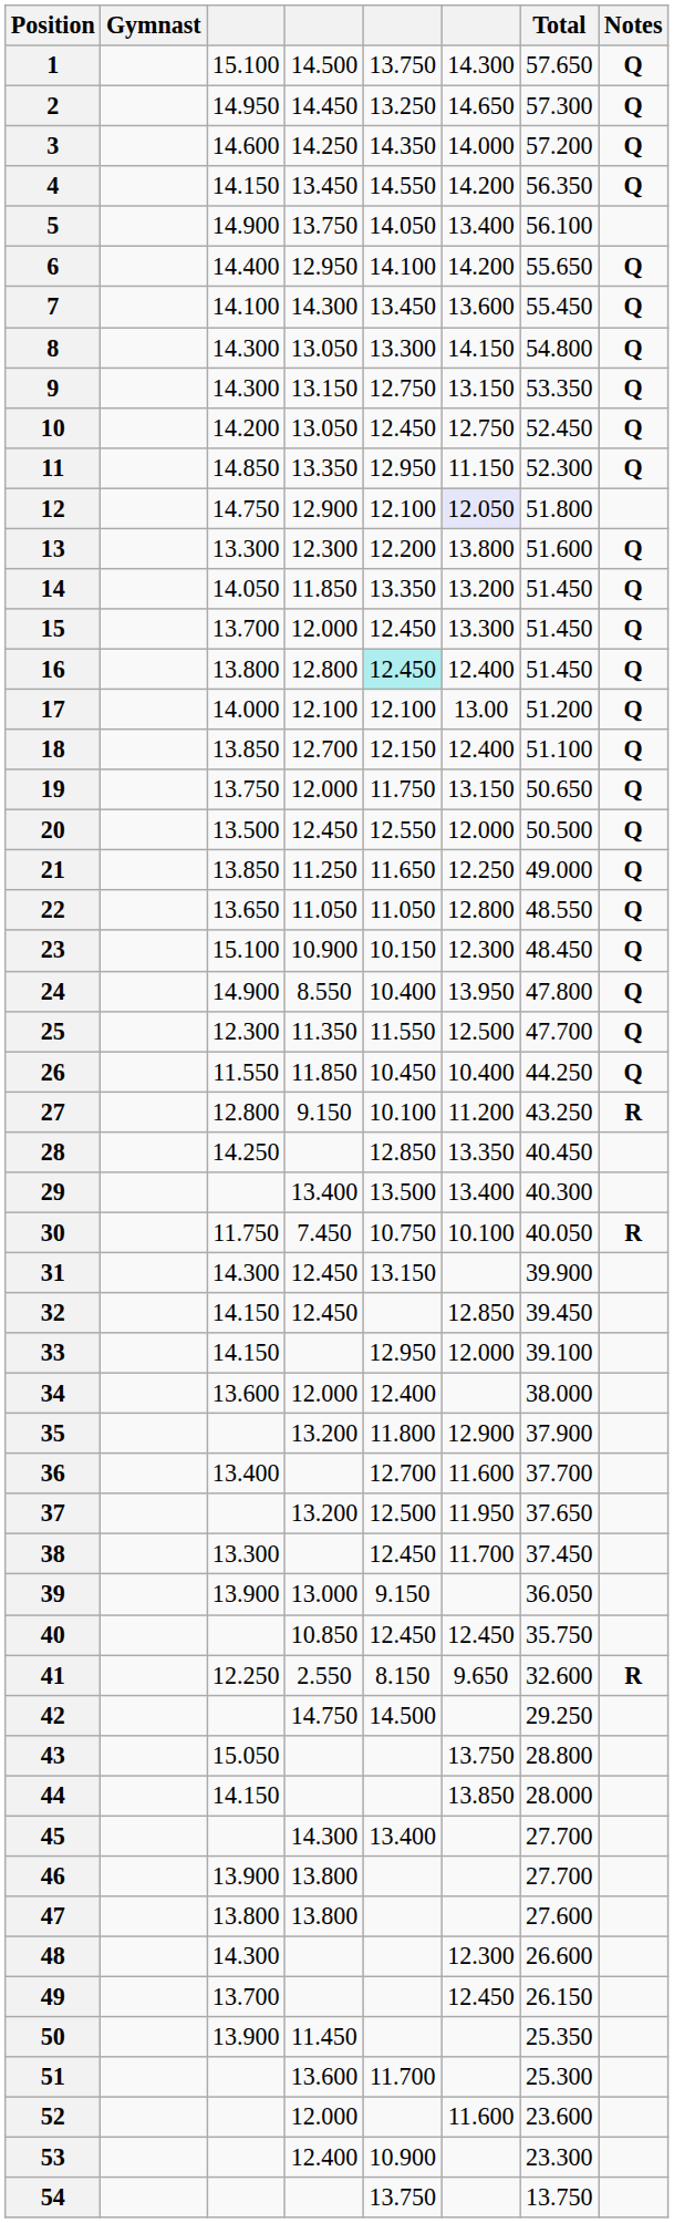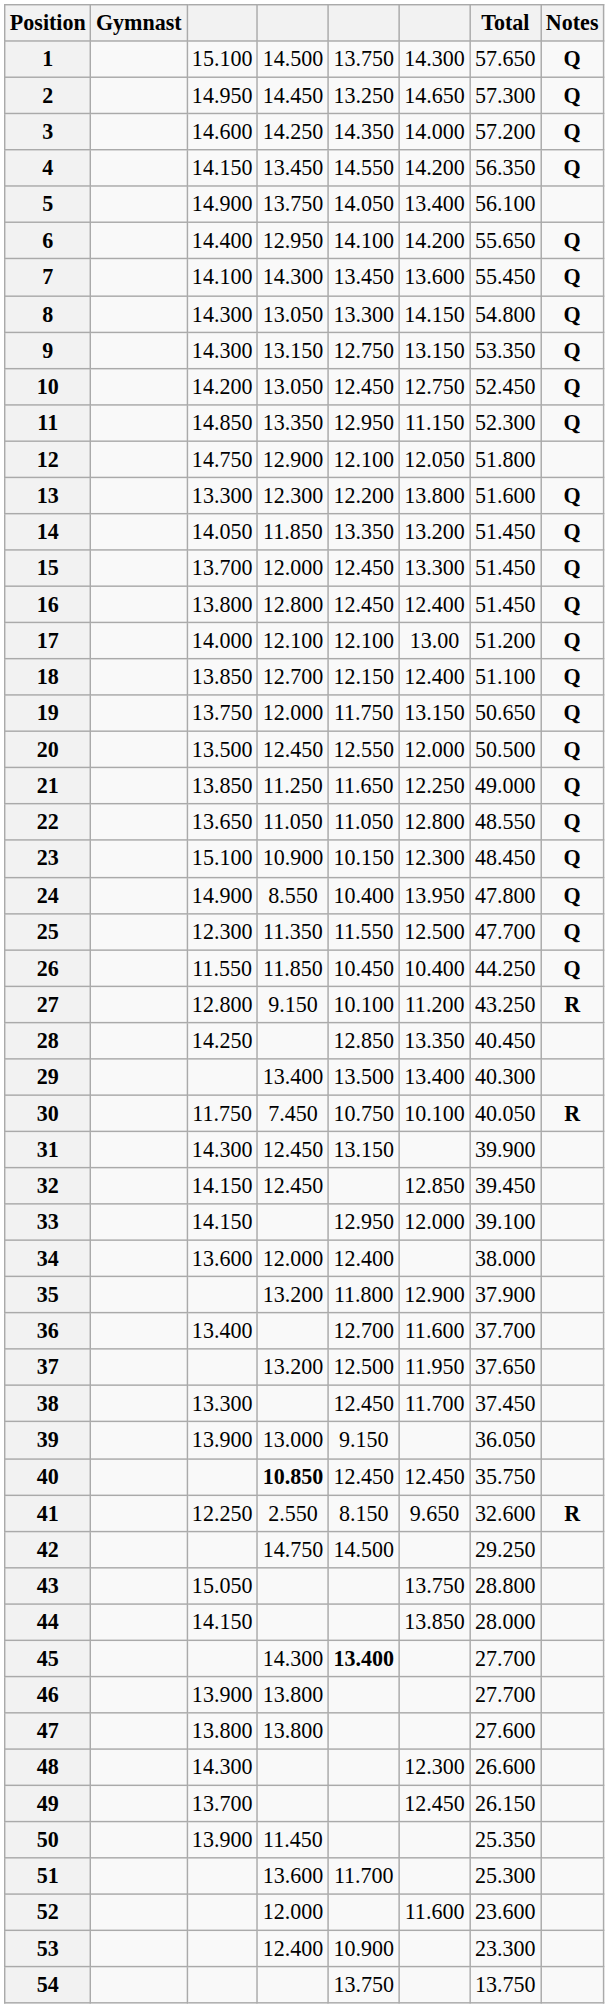 <table class="wikitable sortable" style="text-align:center; font-size:95%">
 <tr>
 <th scope=col>Position</th>
 <th scope=col>Gymnast</th>
 <th scope=col></th>
 <th scope=col></th>
 <th scope=col></th>
 <th scope=col></th>
 <th scope=col>Total</th>
 <th scope=col>Notes</th>
 </tr>
 <tr>
 <th scope=row>1</th>
 <td align=left></td>
 <td>15.100</td>
 <td>14.500</td>
 <td>13.750</td>
 <td>14.300</td>
 <td>57.650</td>
 <td><strong>Q</strong></td>
 </tr>
 <tr>
 <th scope=row>2</th>
 <td align=left></td>
 <td>14.950</td>
 <td>14.450</td>
 <td>13.250</td>
 <td>14.650</td>
 <td>57.300</td>
 <td><strong>Q</strong></td>
 </tr>
 <tr>
 <th scope=row>3</th>
 <td align=left></td>
 <td>14.600</td>
 <td>14.250</td>
 <td>14.350</td>
 <td>14.000</td>
 <td>57.200</td>
 <td><strong>Q</strong></td>
 </tr>
 <tr>
 <th scope=row>4</th>
 <td align=left></td>
 <td>14.150</td>
 <td>13.450</td>
 <td>14.550</td>
 <td>14.200</td>
 <td>56.350</td>
 <td><strong>Q</strong></td>
 </tr>
 <tr>
 <th scope=row>5</th>
 <td align=left></td>
 <td>14.900</td>
 <td>13.750</td>
 <td>14.050</td>
 <td>13.400</td>
 <td>56.100</td>
 <td></td>
 </tr>
 <tr>
 <th scope=row>6</th>
 <td align=left></td>
 <td>14.400</td>
 <td>12.950</td>
 <td>14.100</td>
 <td>14.200</td>
 <td>55.650</td>
 <td><strong>Q</strong></td>
 </tr>
 <tr>
 <th scope=row>7</th>
 <td align=left></td>
 <td>14.100</td>
 <td>14.300</td>
 <td>13.450</td>
 <td>13.600</td>
 <td>55.450</td>
 <td><strong>Q</strong></td>
 </tr>
 <tr>
 <th scope=row>8</th>
 <td align=left></td>
 <td>14.300</td>
 <td>13.050</td>
 <td>13.300</td>
 <td>14.150</td>
 <td>54.800</td>
 <td><strong>Q</strong></td>
 </tr>
 <tr>
 <th scope=row>9</th>
 <td align=left></td>
 <td>14.300</td>
 <td>13.150</td>
 <td>12.750</td>
 <td>13.150</td>
 <td>53.350</td>
 <td><strong>Q</strong></td>
 </tr>
 <tr>
 <th scope=row>10</th>
 <td align=left></td>
 <td>14.200</td>
 <td>13.050</td>
 <td>12.450</td>
 <td>12.750</td>
 <td>52.450</td>
 <td><strong>Q</strong></td>
 </tr>
 <tr>
 <th scope=row>11</th>
 <td align=left></td>
 <td>14.850</td>
 <td>13.350</td>
 <td>12.950</td>
 <td>11.150</td>
 <td>52.300</td>
 <td><strong>Q</strong></td>
 </tr>
 <tr>
 <th scope=row>12</th>
 <td align=left></td>
 <td>14.750</td>
 <td>12.900</td>
 <td>12.100</td>
-<td style="background: lavender;">12.050</td>
+<td>12.050</td>
 <td>51.800</td>
 <td></td>
 </tr>
 <tr>
 <th scope=row>13</th>
 <td align=left></td>
 <td>13.300</td>
 <td>12.300</td>
 <td>12.200</td>
 <td>13.800</td>
 <td>51.600</td>
 <td><strong>Q</strong></td>
 </tr>
 <tr>
 <th scope=row>14</th>
 <td align=left></td>
 <td>14.050</td>
 <td>11.850</td>
 <td>13.350</td>
 <td>13.200</td>
 <td>51.450</td>
 <td><strong>Q</strong></td>
 </tr>
 <tr>
 <th scope=row>15</th>
 <td align=left></td>
 <td>13.700</td>
 <td>12.000</td>
 <td>12.450</td>
 <td>13.300</td>
 <td>51.450</td>
 <td><strong>Q</strong></td>
 </tr>
 <tr>
 <th scope=row>16</th>
 <td align=left></td>
 <td>13.800</td>
 <td>12.800</td>
-<td style="background: paleturquoise;">12.450</td>
+<td>12.450</td>
 <td>12.400</td>
 <td>51.450</td>
 <td><strong>Q</strong></td>
 </tr>
 <tr>
 <th scope=row>17</th>
 <td align=left></td>
 <td>14.000</td>
 <td>12.100</td>
 <td>12.100</td>
 <td>13.00</td>
 <td>51.200</td>
 <td><strong>Q</strong></td>
 </tr>
 <tr>
 <th scope=row>18</th>
 <td align=left></td>
 <td>13.850</td>
 <td>12.700</td>
 <td>12.150</td>
 <td>12.400</td>
 <td>51.100</td>
 <td><strong>Q</strong></td>
 </tr>
 <tr>
 <th scope=row>19</th>
 <td align=left></td>
 <td>13.750</td>
 <td>12.000</td>
 <td>11.750</td>
 <td>13.150</td>
 <td>50.650</td>
 <td><strong>Q</strong></td>
 </tr>
 <tr>
 <th scope=row>20</th>
 <td align=left></td>
 <td>13.500</td>
 <td>12.450</td>
 <td>12.550</td>
 <td>12.000</td>
 <td>50.500</td>
 <td><strong>Q</strong></td>
 </tr>
 <tr>
 <th scope=row>21</th>
 <td align=left></td>
 <td>13.850</td>
 <td>11.250</td>
 <td>11.650</td>
 <td>12.250</td>
 <td>49.000</td>
 <td><strong>Q</strong></td>
 </tr>
 <tr>
 <th scope=row>22</th>
 <td align=left></td>
 <td>13.650</td>
 <td>11.050</td>
 <td>11.050</td>
 <td>12.800</td>
 <td>48.550</td>
 <td><strong>Q</strong></td>
 </tr>
 <tr>
 <th scope=row>23</th>
 <td align=left></td>
 <td>15.100</td>
 <td>10.900</td>
 <td>10.150</td>
 <td>12.300</td>
 <td>48.450</td>
 <td><strong>Q</strong></td>
 </tr>
 <tr>
 <th scope=row>24</th>
 <td align=left></td>
 <td>14.900</td>
 <td>8.550</td>
 <td>10.400</td>
 <td>13.950</td>
 <td>47.800</td>
 <td><strong>Q</strong></td>
 </tr>
 <tr>
 <th scope=row>25</th>
 <td align=left></td>
 <td>12.300</td>
 <td>11.350</td>
 <td>11.550</td>
 <td>12.500</td>
 <td>47.700</td>
 <td><strong>Q</strong></td>
 </tr>
 <tr>
 <th scope=row>26</th>
 <td align=left></td>
 <td>11.550</td>
 <td>11.850</td>
 <td>10.450</td>
 <td>10.400</td>
 <td>44.250</td>
 <td><strong>Q</strong></td>
 </tr>
 <tr>
 <th scope=row>27</th>
 <td align=left></td>
 <td>12.800</td>
 <td>9.150</td>
 <td>10.100</td>
 <td>11.200</td>
 <td>43.250</td>
 <td><strong>R</strong></td>
 </tr>
 <tr>
 <th scope=row>28</th>
 <td align=left></td>
 <td>14.250</td>
 <td></td>
 <td>12.850</td>
 <td>13.350</td>
 <td>40.450</td>
 <td></td>
 </tr>
 <tr>
 <th scope=row>29</th>
 <td align=left></td>
 <td></td>
 <td>13.400</td>
 <td>13.500</td>
 <td>13.400</td>
 <td>40.300</td>
 <td></td>
 </tr>
 <tr>
 <th scope=row>30</th>
 <td align=left></td>
 <td>11.750</td>
 <td>7.450</td>
 <td>10.750</td>
 <td>10.100</td>
 <td>40.050</td>
 <td><strong>R</strong></td>
 </tr>
 <tr>
 <th scope=row>31</th>
 <td align=left></td>
 <td>14.300</td>
 <td>12.450</td>
 <td>13.150</td>
 <td></td>
 <td>39.900</td>
 <td></td>
 </tr>
 <tr>
 <th scope=row>32</th>
 <td align=left></td>
 <td>14.150</td>
 <td>12.450</td>
 <td></td>
 <td>12.850</td>
 <td>39.450</td>
 <td></td>
 </tr>
 <tr>
 <th scope=row>33</th>
 <td align=left></td>
 <td>14.150</td>
 <td></td>
 <td>12.950</td>
 <td>12.000</td>
 <td>39.100</td>
 <td></td>
 </tr>
 <tr>
 <th scope=row>34</th>
 <td align=left></td>
 <td>13.600</td>
 <td>12.000</td>
 <td>12.400</td>
 <td></td>
 <td>38.000</td>
 <td></td>
 </tr>
 <tr>
 <th scope=row>35</th>
 <td align=left></td>
 <td></td>
 <td>13.200</td>
 <td>11.800</td>
 <td>12.900</td>
 <td>37.900</td>
 <td></td>
 </tr>
 <tr>
 <th scope=row>36</th>
 <td align=left></td>
 <td>13.400</td>
 <td></td>
 <td>12.700</td>
 <td>11.600</td>
 <td>37.700</td>
 <td></td>
 </tr>
 <tr>
 <th scope=row>37</th>
 <td align=left></td>
 <td></td>
 <td>13.200</td>
 <td>12.500</td>
 <td>11.950</td>
 <td>37.650</td>
 <td></td>
 </tr>
 <tr>
 <th scope=row>38</th>
 <td align=left></td>
 <td>13.300</td>
 <td></td>
 <td>12.450</td>
 <td>11.700</td>
 <td>37.450</td>
 <td></td>
 </tr>
 <tr>
 <th scope=row>39</th>
 <td align=left></td>
 <td>13.900</td>
 <td>13.000</td>
 <td>9.150</td>
 <td></td>
 <td>36.050</td>
 <td></td>
 </tr>
 <tr>
 <th scope=row>40</th>
 <td align=left></td>
 <td></td>
-<td>10.850</td>
+<td><strong>10.850</strong></td>
 <td>12.450</td>
 <td>12.450</td>
 <td>35.750</td>
 <td></td>
 </tr>
 <tr>
 <th scope=row>41</th>
 <td align=left></td>
 <td>12.250</td>
 <td>2.550</td>
 <td>8.150</td>
 <td>9.650</td>
 <td>32.600</td>
 <td><strong>R</strong></td>
 </tr>
 <tr>
 <th scope=row>42</th>
 <td align=left></td>
 <td></td>
 <td>14.750</td>
 <td>14.500</td>
 <td></td>
 <td>29.250</td>
 <td></td>
 </tr>
 <tr>
 <th scope=row>43</th>
 <td align=left></td>
 <td>15.050</td>
 <td></td>
 <td></td>
 <td>13.750</td>
 <td>28.800</td>
 <td></td>
 </tr>
 <tr>
 <th scope=row>44</th>
 <td align=left></td>
 <td>14.150</td>
 <td></td>
 <td></td>
 <td>13.850</td>
 <td>28.000</td>
 <td></td>
 </tr>
 <tr>
 <th scope=row>45</th>
 <td align=left></td>
 <td></td>
 <td>14.300</td>
-<td>13.400</td>
+<td><strong>13.400</strong></td>
 <td></td>
 <td>27.700</td>
 <td></td>
 </tr>
 <tr>
 <th scope=row>46</th>
 <td align=left></td>
 <td>13.900</td>
 <td>13.800</td>
 <td></td>
 <td></td>
 <td>27.700</td>
 <td></td>
 </tr>
 <tr>
 <th scope=row>47</th>
 <td align=left></td>
 <td>13.800</td>
 <td>13.800</td>
 <td></td>
 <td></td>
 <td>27.600</td>
 <td></td>
 </tr>
 <tr>
 <th scope=row>48</th>
 <td align=left></td>
 <td>14.300</td>
 <td></td>
 <td></td>
 <td>12.300</td>
 <td>26.600</td>
 <td></td>
 </tr>
 <tr>
 <th scope=row>49</th>
 <td align=left></td>
 <td>13.700</td>
 <td></td>
 <td></td>
 <td>12.450</td>
 <td>26.150</td>
 <td></td>
 </tr>
 <tr>
 <th scope=row>50</th>
 <td align=left></td>
 <td>13.900</td>
 <td>11.450</td>
 <td></td>
 <td></td>
 <td>25.350</td>
 <td></td>
 </tr>
 <tr>
 <th scope=row>51</th>
 <td align=left></td>
 <td></td>
 <td>13.600</td>
 <td>11.700</td>
 <td></td>
 <td>25.300</td>
 <td></td>
 </tr>
 <tr>
 <th scope=row>52</th>
 <td align=left></td>
 <td></td>
 <td>12.000</td>
 <td></td>
 <td>11.600</td>
 <td>23.600</td>
 <td></td>
 </tr>
 <tr>
 <th scope=row>53</th>
 <td align=left></td>
 <td></td>
 <td>12.400</td>
 <td>10.900</td>
 <td></td>
 <td>23.300</td>
 <td></td>
 </tr>
 <tr>
 <th scope=row>54</th>
 <td align=left></td>
 <td></td>
 <td></td>
 <td>13.750</td>
 <td></td>
 <td>13.750</td>
 <td></td>
 </tr>
 </table>
